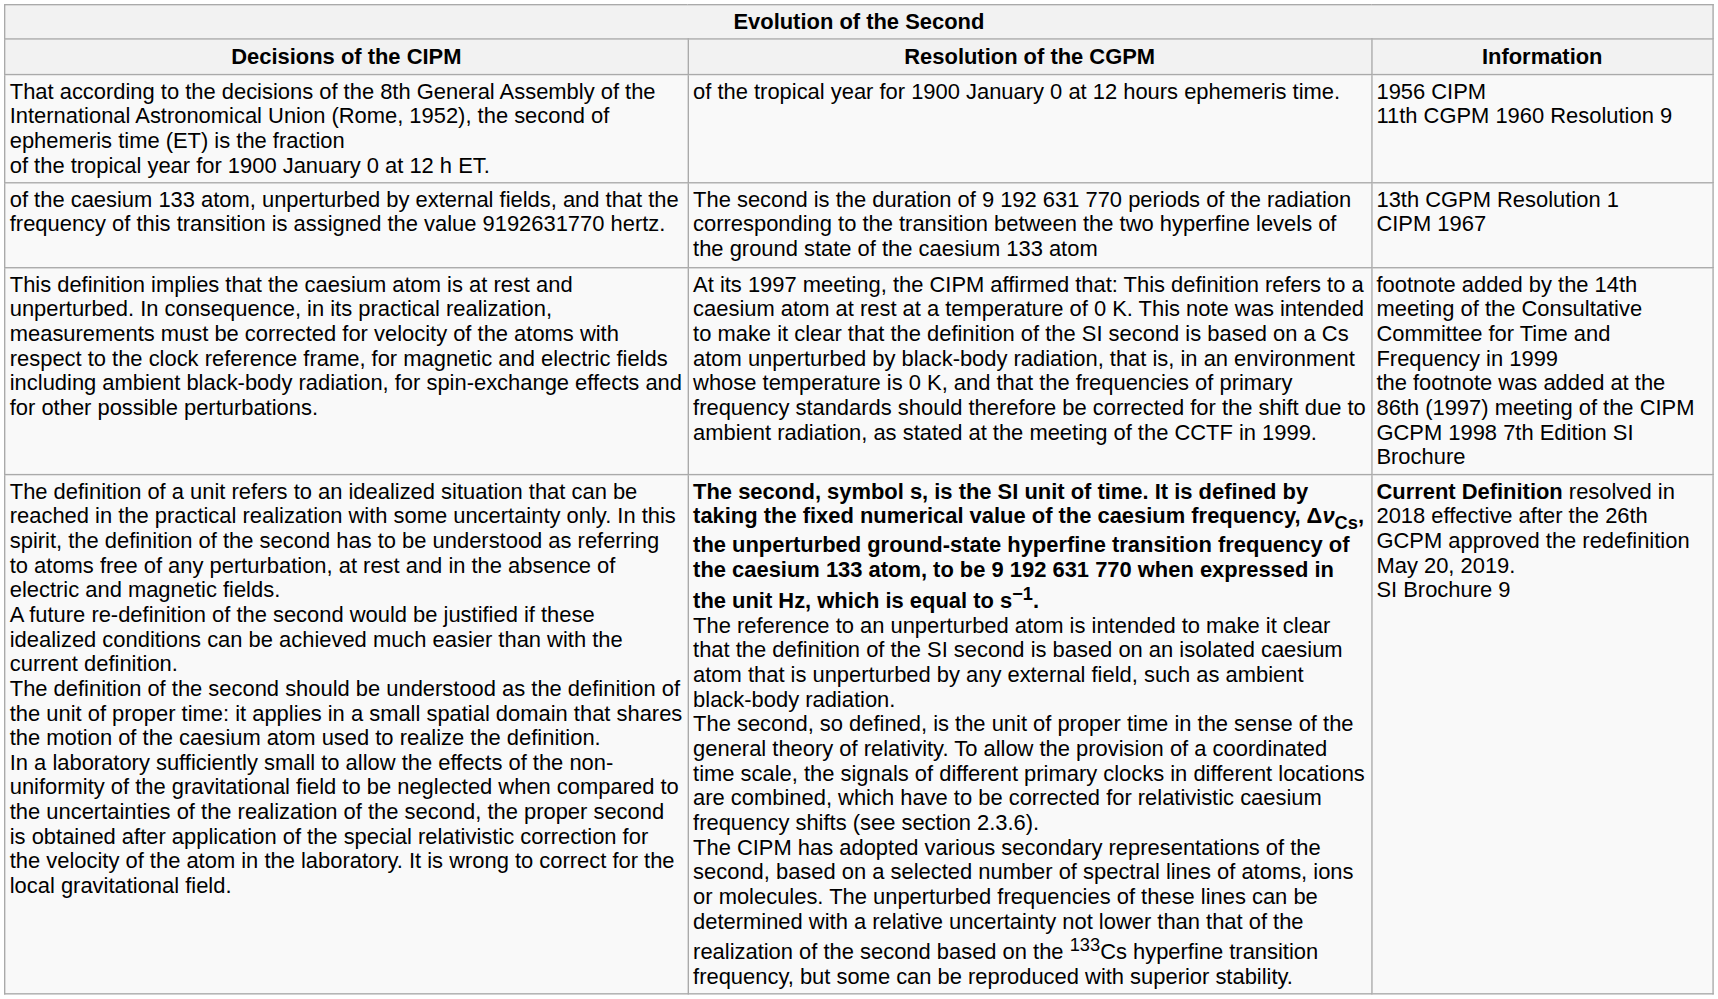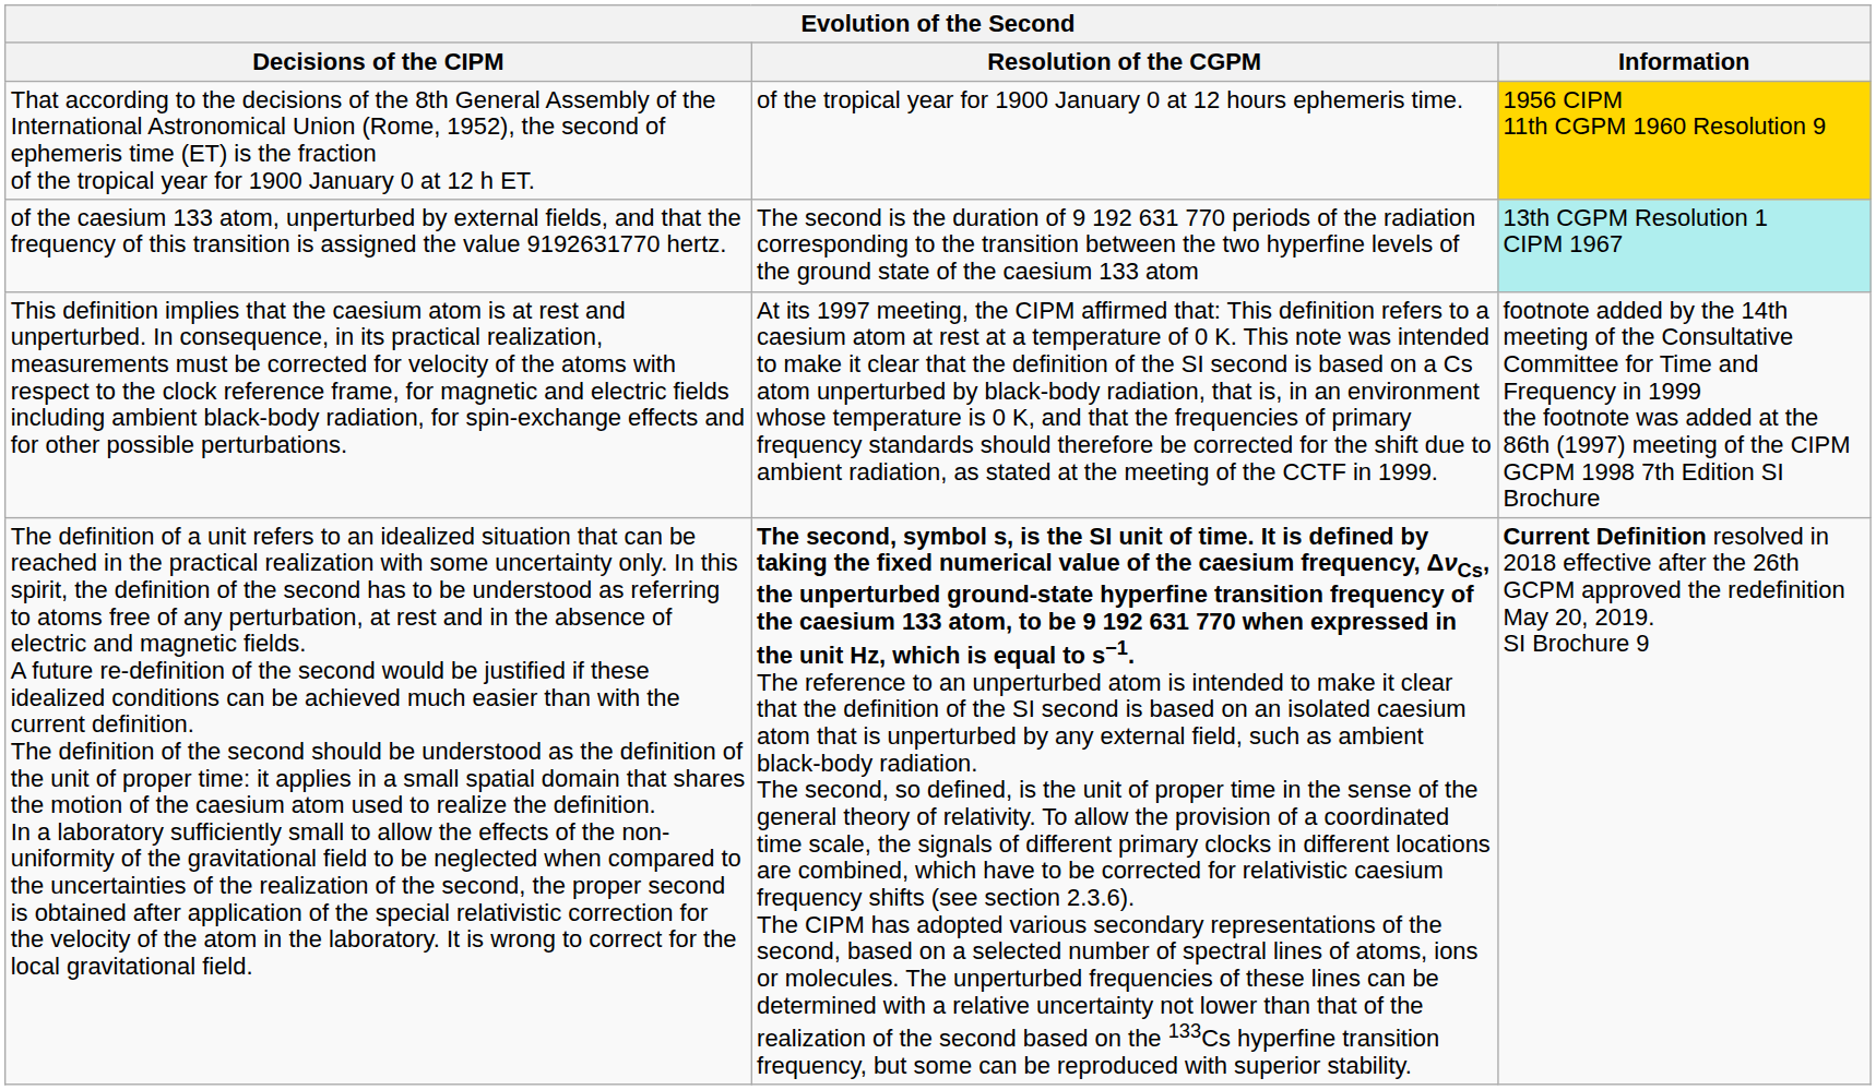 <table class="wikitable">
 <tr>
 <th colspan="3">Evolution of the Second</th>
 </tr>
 <tr>
 <th style="width: 40%;">Decisions of the CIPM</th>
 <th style="width: 40%;">Resolution of the CGPM</th>
 <th style="width: 20%;">Information</th>
 </tr>
 <tr style="vertical-align: top;">
 <td>That according to the decisions of the 8th General Assembly of the International Astronomical Union (Rome, 1952), the second of ephemeris time (ET) is the fraction<br> of the tropical year for 1900 January 0 at 12 h ET.</td>
 <td> of the tropical year for 1900 January 0 at 12 hours ephemeris time.</td>
-<td>1956 CIPM<br>11th CGPM 1960 Resolution 9</td>
+<td style="background: gold;">1956 CIPM<br>11th CGPM 1960 Resolution 9</td>
 </tr>
 <tr style="vertical-align: top;">
 <td> of the caesium 133 atom, unperturbed by external fields, and that the frequency of this transition is assigned the value 9192631770 hertz.</td>
 <td>The second is the duration of 9 192 631 770 periods of the radiation corresponding to the transition between the two hyperfine levels of the ground state of the caesium 133 atom</td>
-<td>13th CGPM Resolution 1<br>CIPM 1967</td>
+<td style="background: paleturquoise;">13th CGPM Resolution 1<br>CIPM 1967</td>
 </tr>
 <tr style="vertical-align: top;">
 <td>This definition implies that the caesium atom is at rest and unperturbed. In consequence, in its practical realization, measurements must be corrected for velocity of the atoms with respect to the clock reference frame, for magnetic and electric fields including ambient black-body radiation, for spin-exchange effects and for other possible perturbations.</td>
 <td>At its 1997 meeting, the CIPM affirmed that: This definition refers to a caesium atom at rest at a temperature of 0 K. This note was intended to make it clear that the definition of the SI second is based on a Cs atom unperturbed by black-body radiation, that is, in an environment whose temperature is 0 K, and that the frequencies of primary frequency standards should therefore be corrected for the shift due to ambient radiation, as stated at the meeting of the CCTF in 1999.</td>
 <td>footnote added by the 14th meeting of the Consultative Committee for Time and Frequency in 1999<br>the footnote was added at the 86th (1997) meeting of the CIPM GCPM 1998 7th Edition SI Brochure</td>
 </tr>
 <tr style="vertical-align: top;">
 <td>The definition of a unit refers to an idealized situation that can be reached in the practical realization with some uncertainty only. In this spirit, the definition of the second has to be understood as referring to atoms free of any perturbation, at rest and in the absence of electric and magnetic fields.<br>A future re-definition of the second would be justified if these idealized conditions can be achieved much easier than with the current definition.<br>The definition of the second should be understood as the definition of the unit of proper time: it applies in a small spatial domain that shares the motion of the caesium atom used to realize the definition.<br>In a laboratory sufficiently small to allow the effects of the non-uniformity of the gravitational field to be neglected when compared to the uncertainties of the realization of the second, the proper second is obtained after application of the special relativistic correction for the velocity of the atom in the laboratory. It is wrong to correct for the local gravitational field.</td>
 <td><strong>The second, symbol s, is the SI unit of time. It is defined by taking the fixed numerical value of the caesium frequency, Δ<em>ν</em><sub>Cs</sub>, the unperturbed ground-state hyperfine transition frequency of the caesium 133 atom, to be 9 192 631 770 when expressed in the unit Hz, which is equal to s<sup>−1</sup>.</strong><br>The reference to an unperturbed atom is intended to make it clear that the definition of the SI second is based on an isolated caesium atom that is unperturbed by any external field, such as ambient black-body radiation.<br>The second, so defined, is the unit of proper time in the sense of the general theory of relativity. To allow the provision of a coordinated time scale, the signals of different primary clocks in different locations are combined, which have to be corrected for relativistic caesium frequency shifts (see section 2.3.6).<br>The CIPM has adopted various secondary representations of the second, based on a selected number of spectral lines of atoms, ions or molecules. The unperturbed frequencies of these lines can be determined with a relative uncertainty not lower than that of the realization of the second based on the <sup>133</sup>Cs hyperfine transition frequency, but some can be reproduced with superior stability.</td>
 <td><strong>Current Definition</strong> resolved in 2018 effective after the 26th GCPM approved the redefinition May 20, 2019.<br>SI Brochure 9</td>
 </tr>
 </table>
